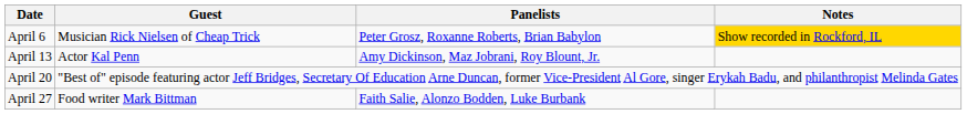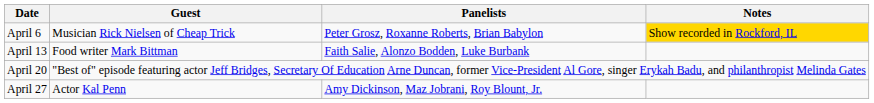 <table class="wikitable">
 <tr>
 <th>Date</th>
 <th>Guest</th>
 <th>Panelists</th>
 <th>Notes</th>
 </tr>
 <tr>
 <td>April 6</td>
 <td>Musician <a href='#'>Rick Nielsen</a> of <a href='#'>Cheap Trick</a></td>
 <td><a href='#'>Peter Grosz</a>, <a href='#'>Roxanne Roberts</a>, <a href='#'>Brian Babylon</a></td>
 <td style="background: gold;">Show recorded in <a href='#'>Rockford, IL</a></td>
 </tr>
 <tr>
 <td>April 13</td>
-<td>Actor <a href='#'>Kal Penn</a></td>
-<td><a href='#'>Amy Dickinson</a>, <a href='#'>Maz Jobrani</a>, <a href='#'>Roy Blount, Jr.</a></td>
+<td>Food writer <a href='#'>Mark Bittman</a></td>
+<td><a href='#'>Faith Salie</a>, <a href='#'>Alonzo Bodden</a>, <a href='#'>Luke Burbank</a></td>
 <td></td>
 </tr>
 <tr>
 <td>April 20</td>
 <td colspan="3">"Best of" episode featuring actor <a href='#'>Jeff Bridges</a>, <a href='#'>Secretary Of Education</a> <a href='#'>Arne Duncan</a>, former <a href='#'>Vice-President</a>  <a href='#'>Al Gore</a>, singer <a href='#'>Erykah Badu</a>, and <a href='#'>philanthropist</a> <a href='#'>Melinda Gates</a></td>
 </tr>
 <tr>
 <td>April 27</td>
-<td>Food writer <a href='#'>Mark Bittman</a></td>
-<td><a href='#'>Faith Salie</a>, <a href='#'>Alonzo Bodden</a>, <a href='#'>Luke Burbank</a></td>
+<td>Actor <a href='#'>Kal Penn</a></td>
+<td><a href='#'>Amy Dickinson</a>, <a href='#'>Maz Jobrani</a>, <a href='#'>Roy Blount, Jr.</a></td>
 <td></td>
 </tr>
 </table>
